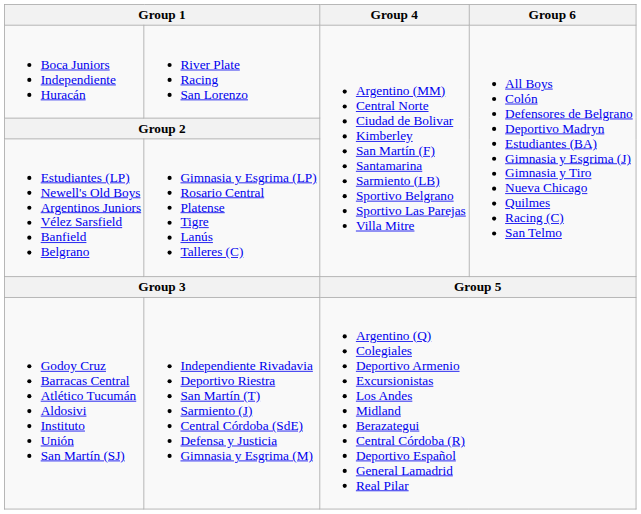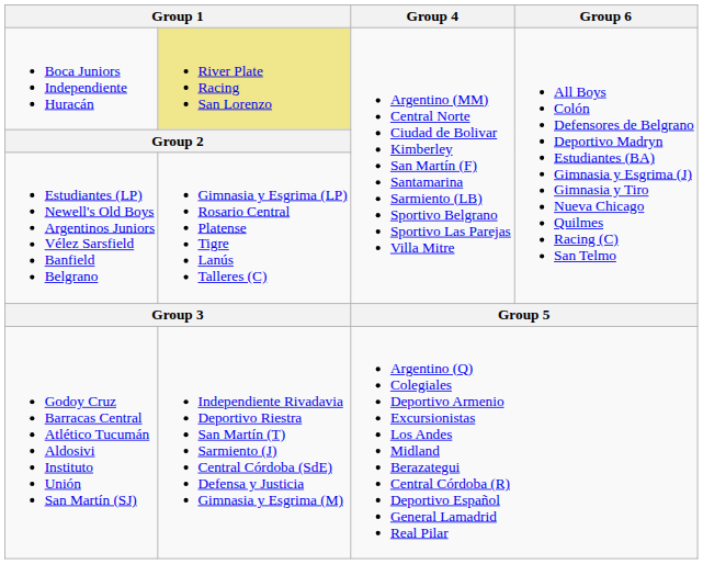 <table class="wikitable">
 <tr>
 <th colspan="2">Group 1</th>
 <th>Group 4</th>
 <th>Group 6</th>
 </tr>
 <tr>
 <td><br><ul><li><a href='#'>Boca Juniors</a></li><li><a href='#'>Independiente</a></li><li><a href='#'>Huracán</a></li></ul></td>
-<td><br><ul><li><a href='#'>River Plate</a></li><li><a href='#'>Racing</a></li><li><a href='#'>San Lorenzo</a></li></ul></td>
+<td style="background: khaki;"><br><ul><li><a href='#'>River Plate</a></li><li><a href='#'>Racing</a></li><li><a href='#'>San Lorenzo</a></li></ul></td>
 <td rowspan="3"><br><ul><li><a href='#'>Argentino (MM)</a></li><li><a href='#'>Central Norte</a></li><li><a href='#'>Ciudad de Bolivar</a></li><li><a href='#'>Kimberley</a></li><li><a href='#'>San Martín (F)</a></li><li><a href='#'>Santamarina</a></li><li><a href='#'>Sarmiento (LB)</a></li><li><a href='#'>Sportivo Belgrano</a></li><li><a href='#'>Sportivo Las Parejas</a></li><li><a href='#'>Villa Mitre</a></li></ul></td>
 <td rowspan="3"><br><ul><li><a href='#'>All Boys</a></li><li><a href='#'>Colón</a></li><li><a href='#'>Defensores de Belgrano</a></li><li><a href='#'>Deportivo Madryn</a></li><li><a href='#'>Estudiantes (BA)</a></li><li><a href='#'>Gimnasia y Esgrima (J)</a></li><li><a href='#'>Gimnasia y Tiro</a></li><li><a href='#'>Nueva Chicago</a></li><li><a href='#'>Quilmes</a></li><li><a href='#'>Racing (C)</a></li><li><a href='#'>San Telmo</a></li></ul></td>
 </tr>
 <tr>
 <th colspan="2">Group 2</th>
 </tr>
 <tr>
 <td><br><ul><li><a href='#'>Estudiantes (LP)</a></li><li><a href='#'>Newell's Old Boys</a></li><li><a href='#'>Argentinos Juniors</a></li><li><a href='#'>Vélez Sarsfield</a></li><li><a href='#'>Banfield</a></li><li><a href='#'>Belgrano</a></li></ul></td>
 <td><br><ul><li><a href='#'>Gimnasia y Esgrima (LP)</a></li><li><a href='#'>Rosario Central</a></li><li><a href='#'>Platense</a></li><li><a href='#'>Tigre</a></li><li><a href='#'>Lanús</a></li><li><a href='#'>Talleres (C)</a></li></ul></td>
 </tr>
 <tr>
 <th colspan="2">Group 3</th>
 <th colspan="2">Group 5</th>
 </tr>
 <tr>
 <td><br><ul><li><a href='#'>Godoy Cruz</a></li><li><a href='#'>Barracas Central</a></li><li><a href='#'>Atlético Tucumán</a></li><li><a href='#'>Aldosivi</a></li><li><a href='#'>Instituto</a></li><li><a href='#'>Unión</a></li><li><a href='#'>San Martín (SJ)</a></li></ul></td>
 <td><br><ul><li><a href='#'>Independiente Rivadavia</a></li><li><a href='#'>Deportivo Riestra</a></li><li><a href='#'>San Martín (T)</a></li><li><a href='#'>Sarmiento (J)</a></li><li><a href='#'>Central Córdoba (SdE)</a></li><li><a href='#'>Defensa y Justicia</a></li><li><a href='#'>Gimnasia y Esgrima (M)</a></li></ul></td>
 <td colspan="2"><br><ul><li><a href='#'>Argentino (Q)</a></li><li><a href='#'>Colegiales</a></li><li><a href='#'>Deportivo Armenio</a></li><li><a href='#'>Excursionistas</a></li><li><a href='#'>Los Andes</a></li><li><a href='#'>Midland</a></li><li><a href='#'>Berazategui</a></li><li><a href='#'>Central Córdoba (R)</a></li><li><a href='#'>Deportivo Español</a></li><li><a href='#'>General Lamadrid</a></li><li><a href='#'>Real Pilar</a></li></ul></td>
 </tr>
 </table>
